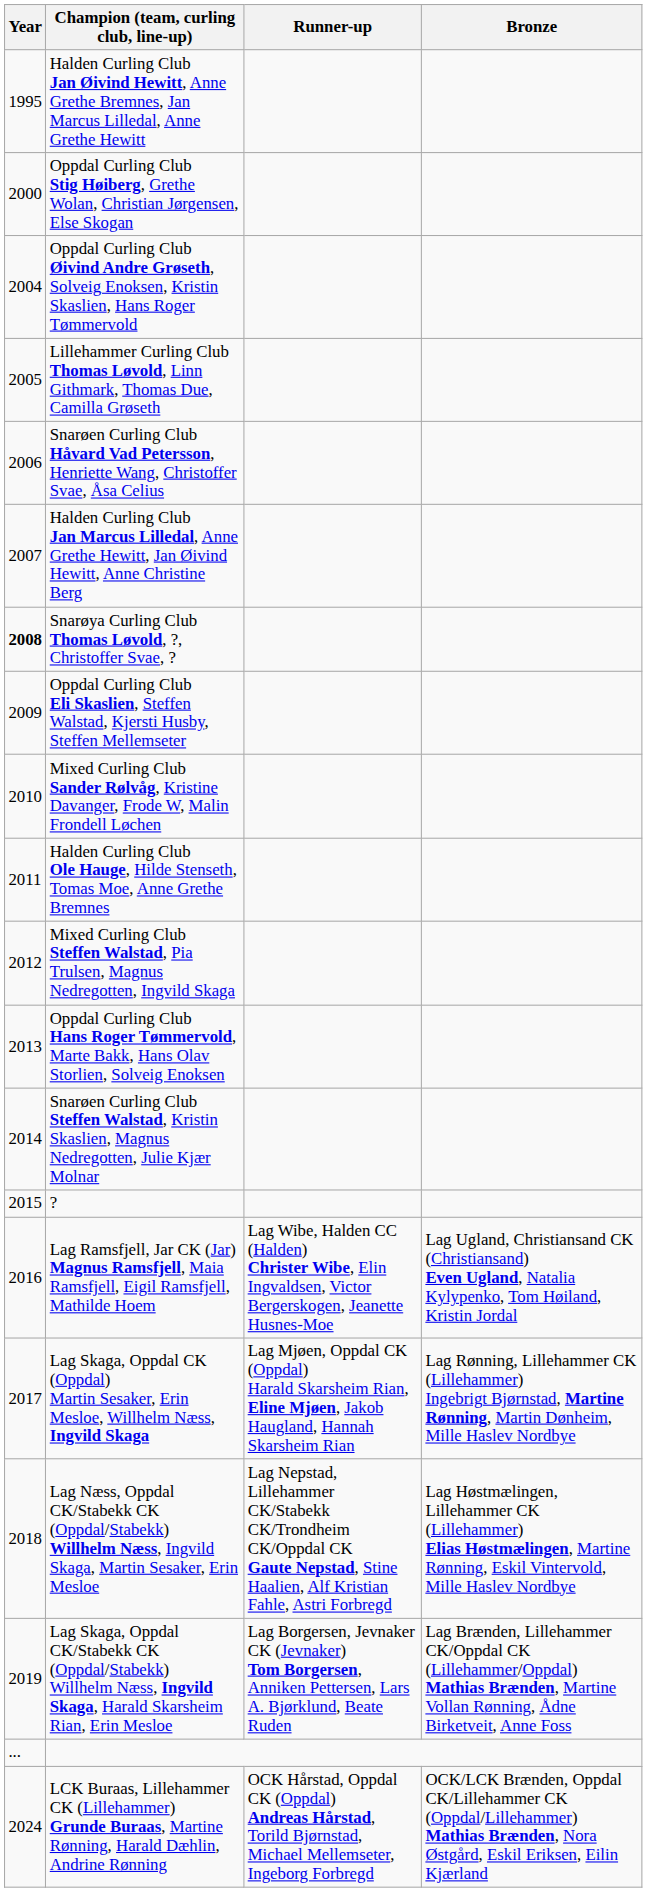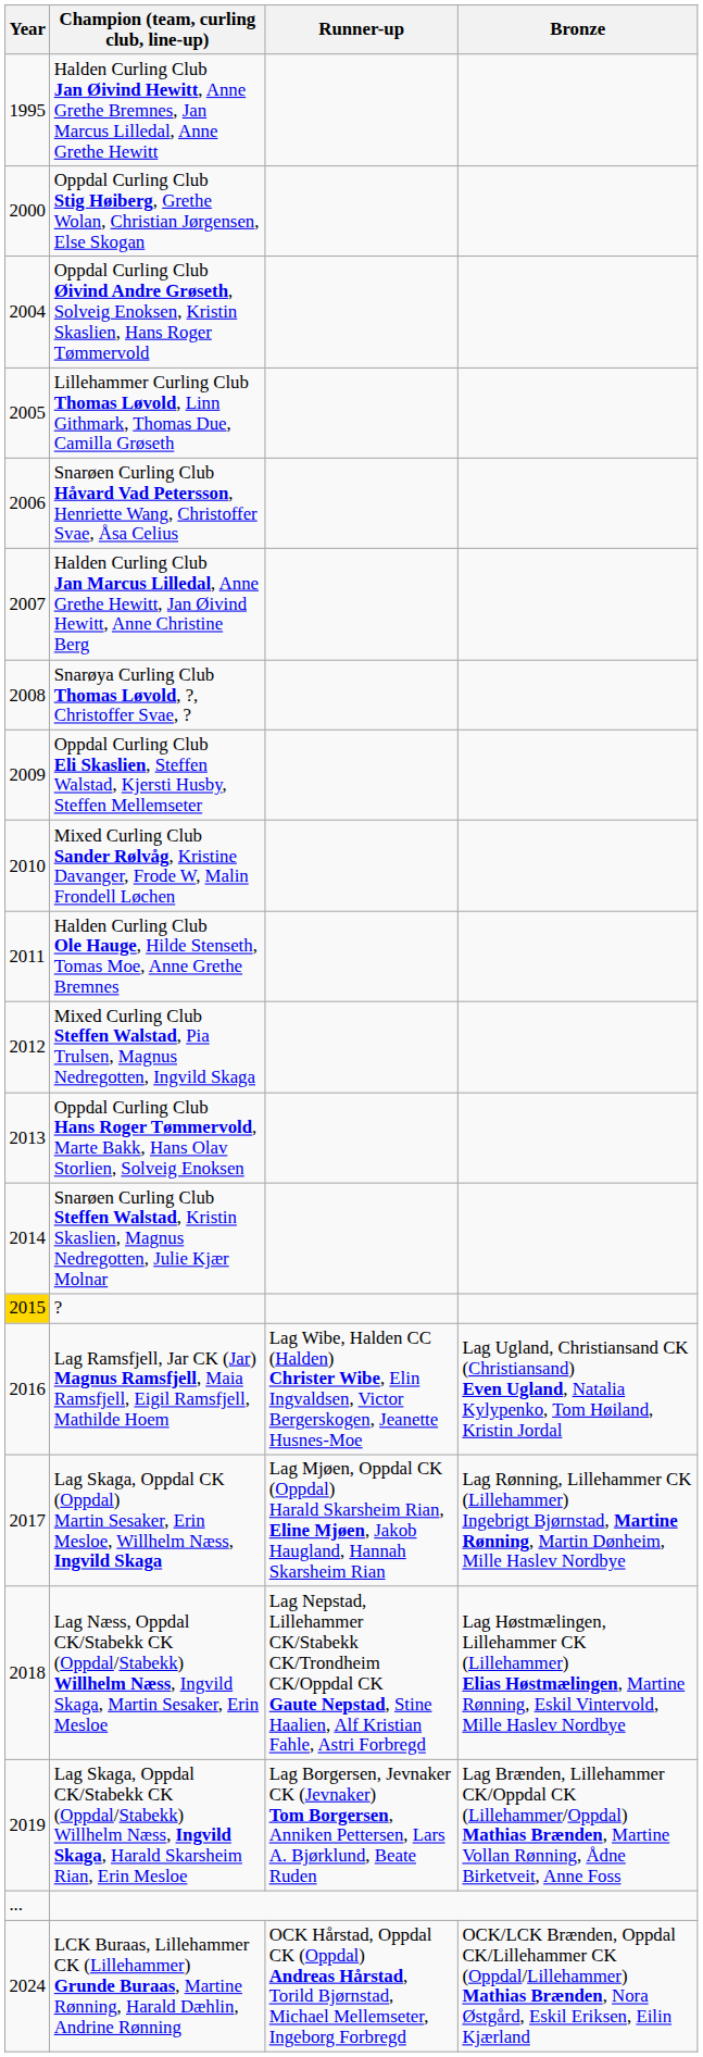 <table class="wikitable">
 <tr>
 <th>Year</th>
 <th>Champion (team, curling club, line-up)</th>
 <th>Runner-up</th>
 <th>Bronze</th>
 </tr>
 <tr>
 <td>1995</td>
 <td>Halden Curling Club<br><strong><a href='#'>Jan Øivind Hewitt</a></strong>, <a href='#'>Anne Grethe Bremnes</a>, <a href='#'>Jan Marcus Lilledal</a>, <a href='#'>Anne Grethe Hewitt</a></td>
 <td></td>
 <td></td>
 </tr>
 <tr>
 <td>2000</td>
 <td>Oppdal Curling Club<br><strong><a href='#'>Stig Høiberg</a></strong>, <a href='#'>Grethe Wolan</a>, <a href='#'>Christian Jørgensen</a>, <a href='#'>Else Skogan</a></td>
 <td></td>
 <td></td>
 </tr>
 <tr>
 <td>2004</td>
 <td>Oppdal Curling Club<br><strong><a href='#'>Øivind Andre Grøseth</a></strong>, <a href='#'>Solveig Enoksen</a>, <a href='#'>Kristin Skaslien</a>, <a href='#'>Hans Roger Tømmervold</a></td>
 <td></td>
 <td></td>
 </tr>
 <tr>
 <td>2005</td>
 <td>Lillehammer Curling Club<br><strong><a href='#'>Thomas Løvold</a></strong>, <a href='#'>Linn Githmark</a>, <a href='#'>Thomas Due</a>, <a href='#'>Camilla Grøseth</a></td>
 <td></td>
 <td></td>
 </tr>
 <tr>
 <td>2006</td>
 <td>Snarøen Curling Club<br><strong><a href='#'>Håvard Vad Petersson</a></strong>, <a href='#'>Henriette Wang</a>, <a href='#'>Christoffer Svae</a>, <a href='#'>Åsa Celius</a></td>
 <td></td>
 <td></td>
 </tr>
 <tr>
 <td>2007</td>
 <td>Halden Curling Club<br><strong><a href='#'>Jan Marcus Lilledal</a></strong>, <a href='#'>Anne Grethe Hewitt</a>, <a href='#'>Jan Øivind Hewitt</a>, <a href='#'>Anne Christine Berg</a></td>
 <td></td>
 <td></td>
 </tr>
 <tr>
-<td><strong>2008</strong></td>
+<td>2008</td>
 <td>Snarøya Curling Club<br><strong><a href='#'>Thomas Løvold</a></strong>, ?, <a href='#'>Christoffer Svae</a>, ?</td>
 <td></td>
 <td></td>
 </tr>
 <tr>
 <td>2009</td>
 <td>Oppdal Curling Club<br><strong><a href='#'>Eli Skaslien</a></strong>, <a href='#'>Steffen Walstad</a>, <a href='#'>Kjersti Husby</a>, <a href='#'>Steffen Mellemseter</a></td>
 <td></td>
 <td></td>
 </tr>
 <tr>
 <td>2010</td>
 <td>Mixed Curling Club<br><strong><a href='#'>Sander Rølvåg</a></strong>, <a href='#'>Kristine Davanger</a>, <a href='#'>Frode W</a>, <a href='#'>Malin Frondell Løchen</a></td>
 <td></td>
 <td></td>
 </tr>
 <tr>
 <td>2011</td>
 <td>Halden Curling Club<br><strong><a href='#'>Ole Hauge</a></strong>, <a href='#'>Hilde Stenseth</a>, <a href='#'>Tomas Moe</a>, <a href='#'>Anne Grethe Bremnes</a></td>
 <td></td>
 <td></td>
 </tr>
 <tr>
 <td>2012</td>
 <td>Mixed Curling Club<br><strong><a href='#'>Steffen Walstad</a></strong>, <a href='#'>Pia Trulsen</a>, <a href='#'>Magnus Nedregotten</a>, <a href='#'>Ingvild Skaga</a></td>
 <td></td>
 <td></td>
 </tr>
 <tr>
 <td>2013</td>
 <td>Oppdal Curling Club<br><strong><a href='#'>Hans Roger Tømmervold</a></strong>, <a href='#'>Marte Bakk</a>, <a href='#'>Hans Olav Storlien</a>, <a href='#'>Solveig Enoksen</a></td>
 <td></td>
 <td></td>
 </tr>
 <tr>
 <td>2014</td>
 <td>Snarøen Curling Club<br><strong><a href='#'>Steffen Walstad</a></strong>, <a href='#'>Kristin Skaslien</a>, <a href='#'>Magnus Nedregotten</a>, <a href='#'>Julie Kjær Molnar</a></td>
 <td></td>
 <td></td>
 </tr>
 <tr>
-<td>2015</td>
+<td style="background: gold;">2015</td>
 <td>?</td>
 <td></td>
 <td></td>
 </tr>
 <tr>
 <td>2016</td>
 <td>Lag Ramsfjell, Jar CK (<a href='#'>Jar</a>)<br><strong><a href='#'>Magnus Ramsfjell</a></strong>, <a href='#'>Maia Ramsfjell</a>, <a href='#'>Eigil Ramsfjell</a>, <a href='#'>Mathilde Hoem</a></td>
 <td>Lag Wibe, Halden CC (<a href='#'>Halden</a>)<br><strong><a href='#'>Christer Wibe</a></strong>, <a href='#'>Elin Ingvaldsen</a>, <a href='#'>Victor Bergerskogen</a>, <a href='#'>Jeanette Husnes-Moe</a></td>
 <td>Lag Ugland, Christiansand CK (<a href='#'>Christiansand</a>)<br><strong><a href='#'>Even Ugland</a></strong>, <a href='#'>Natalia Kylypenko</a>, <a href='#'>Tom Høiland</a>, <a href='#'>Kristin Jordal</a></td>
 </tr>
 <tr>
 <td>2017</td>
 <td>Lag Skaga, Oppdal CK (<a href='#'>Oppdal</a>)<br><a href='#'>Martin Sesaker</a>, <a href='#'>Erin Mesloe</a>, <a href='#'>Willhelm Næss</a>, <strong><a href='#'>Ingvild Skaga</a></strong></td>
 <td>Lag Mjøen, Oppdal CK (<a href='#'>Oppdal</a>)<br><a href='#'>Harald Skarsheim Rian</a>, <strong><a href='#'>Eline Mjøen</a></strong>, <a href='#'>Jakob Haugland</a>, <a href='#'>Hannah Skarsheim Rian</a></td>
 <td>Lag Rønning, Lillehammer CK (<a href='#'>Lillehammer</a>)<br><a href='#'>Ingebrigt Bjørnstad</a>, <strong><a href='#'>Martine Rønning</a></strong>, <a href='#'>Martin Dønheim</a>, <a href='#'>Mille Haslev Nordbye</a></td>
 </tr>
 <tr>
 <td>2018</td>
 <td>Lag Næss, Oppdal CK/Stabekk CK (<a href='#'>Oppdal</a>/<a href='#'>Stabekk</a>)<br><strong><a href='#'>Willhelm Næss</a></strong>, <a href='#'>Ingvild Skaga</a>, <a href='#'>Martin Sesaker</a>, <a href='#'>Erin Mesloe</a></td>
 <td>Lag Nepstad, Lillehammer CK/Stabekk CK/Trondheim CK/Oppdal CK<br><strong><a href='#'>Gaute Nepstad</a></strong>, <a href='#'>Stine Haalien</a>, <a href='#'>Alf Kristian Fahle</a>, <a href='#'>Astri Forbregd</a></td>
 <td>Lag Høstmælingen, Lillehammer CK (<a href='#'>Lillehammer</a>)<br><strong><a href='#'>Elias Høstmælingen</a></strong>, <a href='#'>Martine Rønning</a>, <a href='#'>Eskil Vintervold</a>, <a href='#'>Mille Haslev Nordbye</a></td>
 </tr>
 <tr>
 <td>2019</td>
 <td>Lag Skaga, Oppdal CK/Stabekk CK (<a href='#'>Oppdal</a>/<a href='#'>Stabekk</a>)<br><a href='#'>Willhelm Næss</a>, <strong><a href='#'>Ingvild Skaga</a></strong>, <a href='#'>Harald Skarsheim Rian</a>, <a href='#'>Erin Mesloe</a></td>
 <td>Lag Borgersen, Jevnaker CK (<a href='#'>Jevnaker</a>)<br><strong><a href='#'>Tom Borgersen</a></strong>, <a href='#'>Anniken Pettersen</a>, <a href='#'>Lars A. Bjørklund</a>, <a href='#'>Beate Ruden</a></td>
 <td>Lag Brænden, Lillehammer CK/Oppdal CK (<a href='#'>Lillehammer</a>/<a href='#'>Oppdal</a>)<br><strong><a href='#'>Mathias Brænden</a></strong>, <a href='#'>Martine Vollan Rønning</a>, <a href='#'>Ådne Birketveit</a>, <a href='#'>Anne Foss</a></td>
 </tr>
 <tr>
 <td>...</td>
 </tr>
 <tr>
 <td>2024</td>
 <td>LCK Buraas, Lillehammer CK (<a href='#'>Lillehammer</a>)<br><strong><a href='#'>Grunde Buraas</a></strong>, <a href='#'>Martine Rønning</a>, <a href='#'>Harald Dæhlin</a>, <a href='#'>Andrine Rønning</a></td>
 <td>OCK Hårstad, Oppdal CK (<a href='#'>Oppdal</a>)<br><strong><a href='#'>Andreas Hårstad</a></strong>, <a href='#'>Torild Bjørnstad</a>, <a href='#'>Michael Mellemseter</a>, <a href='#'>Ingeborg Forbregd</a></td>
 <td>OCK/LCK Brænden, Oppdal CK/Lillehammer CK (<a href='#'>Oppdal</a>/<a href='#'>Lillehammer</a>)<br><strong><a href='#'>Mathias Brænden</a></strong>, <a href='#'>Nora Østgård</a>, <a href='#'>Eskil Eriksen</a>, <a href='#'>Eilin Kjærland</a></td>
 </tr>
 </table>
